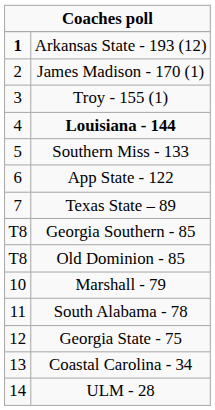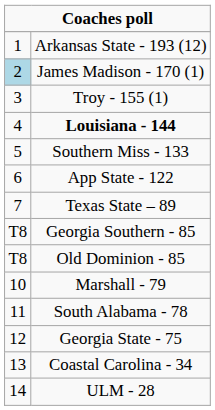 <table class="wikitable" style="display: inline-table;">
 <tr>
 <td align="center" Colspan="3"><strong>Coaches poll</strong></td>
 </tr>
 <tr align="center">
 </tr>
 <tr align="center">
-<td><strong>1</strong></td>
+<td>1</td>
 <td>Arkansas State - 193 (12)</td>
 </tr>
 <tr align="center">
-<td>2</td>
+<td style="background: lightblue;">2</td>
 <td>James Madison - 170 (1)</td>
 </tr>
 <tr align="center">
 <td>3</td>
 <td>Troy - 155 (1)</td>
 </tr>
 <tr align="center">
 <td>4</td>
 <td><strong>Louisiana - 144</strong></td>
 </tr>
 <tr align="center">
 <td>5</td>
 <td>Southern Miss - 133</td>
 </tr>
 <tr align="center">
 <td>6</td>
 <td>App State - 122</td>
 </tr>
 <tr align="center">
 <td>7</td>
 <td>Texas State – 89</td>
 </tr>
 <tr align="center">
 <td>T8</td>
 <td>Georgia Southern - 85</td>
 </tr>
 <tr align="center">
 <td>T8</td>
 <td>Old Dominion - 85</td>
 </tr>
 <tr align="center">
 <td>10</td>
 <td>Marshall - 79</td>
 </tr>
 <tr align="center">
 <td>11</td>
 <td>South Alabama - 78</td>
 </tr>
 <tr align="center">
 <td>12</td>
 <td>Georgia State - 75</td>
 </tr>
 <tr align="center">
 <td>13</td>
 <td>Coastal Carolina - 34</td>
 </tr>
 <tr align="center">
 <td>14</td>
 <td>ULM - 28</td>
 </tr>
 </table>
